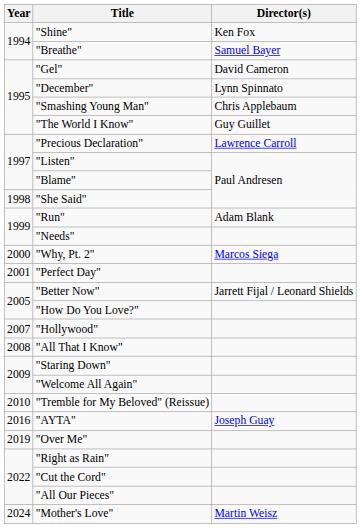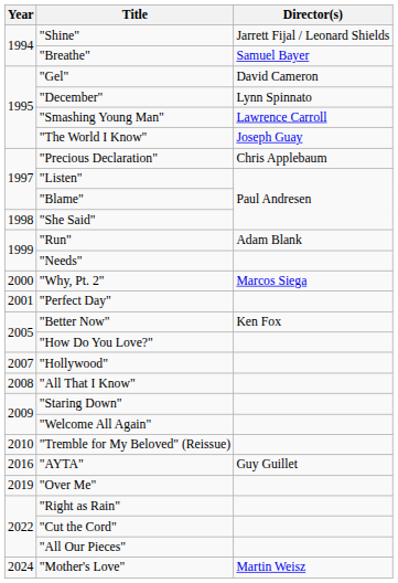 <table class="wikitable">
 <tr>
 <th>Year</th>
 <th>Title</th>
 <th>Director(s)</th>
 </tr>
 <tr>
 <td rowspan="2">1994</td>
 <td>"Shine"</td>
-<td>Ken Fox</td>
+<td>Jarrett Fijal / Leonard Shields</td>
 </tr>
 <tr>
 <td>"Breathe"</td>
 <td><a href='#'>Samuel Bayer</a></td>
 </tr>
 <tr>
 <td rowspan="4">1995</td>
 <td>"Gel"</td>
 <td>David Cameron</td>
 </tr>
 <tr>
 <td>"December"</td>
 <td>Lynn Spinnato</td>
 </tr>
 <tr>
 <td>"Smashing Young Man"</td>
-<td>Chris Applebaum</td>
+<td><a href='#'>Lawrence Carroll</a></td>
 </tr>
 <tr>
 <td>"The World I Know"</td>
-<td>Guy Guillet</td>
+<td><a href='#'>Joseph Guay</a></td>
 </tr>
 <tr>
 <td rowspan="3">1997</td>
 <td>"Precious Declaration"</td>
-<td><a href='#'>Lawrence Carroll</a></td>
+<td>Chris Applebaum</td>
 </tr>
 <tr>
 <td>"Listen"</td>
 <td rowspan="3">Paul Andresen</td>
 </tr>
 <tr>
 <td>"Blame"</td>
 </tr>
 <tr>
 <td>1998</td>
 <td>"She Said"</td>
 </tr>
 <tr>
 <td rowspan="2">1999</td>
 <td>"Run"</td>
 <td>Adam Blank</td>
 </tr>
 <tr>
 <td>"Needs"</td>
 <td></td>
 </tr>
 <tr>
 <td>2000</td>
 <td>"Why, Pt. 2"</td>
 <td><a href='#'>Marcos Siega</a></td>
 </tr>
 <tr>
 <td>2001</td>
 <td>"Perfect Day"</td>
 <td></td>
 </tr>
 <tr>
 <td rowspan="2">2005</td>
 <td>"Better Now"</td>
-<td>Jarrett Fijal / Leonard Shields</td>
+<td>Ken Fox</td>
 </tr>
 <tr>
 <td>"How Do You Love?"</td>
 <td></td>
 </tr>
 <tr>
 <td>2007</td>
 <td>"Hollywood"</td>
 <td></td>
 </tr>
 <tr>
 <td>2008</td>
 <td>"All That I Know"</td>
 <td></td>
 </tr>
 <tr>
 <td rowspan="2">2009</td>
 <td>"Staring Down"</td>
 <td></td>
 </tr>
 <tr>
 <td>"Welcome All Again"</td>
 <td></td>
 </tr>
 <tr>
 <td>2010</td>
 <td>"Tremble for My Beloved" (Reissue)</td>
 <td></td>
 </tr>
 <tr>
 <td>2016</td>
 <td>"AYTA"</td>
-<td><a href='#'>Joseph Guay</a></td>
+<td>Guy Guillet</td>
 </tr>
 <tr>
 <td>2019</td>
 <td>"Over Me"</td>
 <td></td>
 </tr>
 <tr>
 <td rowspan="3">2022</td>
 <td>"Right as Rain"</td>
 <td></td>
 </tr>
 <tr>
 <td>"Cut the Cord"</td>
 <td></td>
 </tr>
 <tr>
 <td>"All Our Pieces"</td>
 <td></td>
 </tr>
 <tr>
 <td>2024</td>
 <td>"Mother's Love"</td>
 <td><a href='#'>Martin Weisz</a></td>
 </tr>
 </table>
